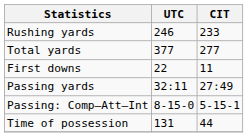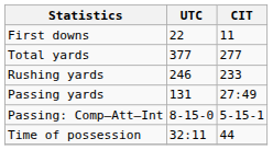 <table class="wikitable" style="float: left;">
 <tr>
 <th>Statistics</th>
 <th>UTC</th>
 <th>CIT</th>
 </tr>
 <tr>
-<td>Rushing yards</td>
-<td>246</td>
-<td>233</td>
+<td>First downs</td>
+<td>22</td>
+<td>11</td>
 </tr>
 <tr>
 <td>Total yards</td>
 <td>377</td>
 <td>277</td>
 </tr>
 <tr>
-<td>First downs</td>
-<td>22</td>
-<td>11</td>
+<td>Rushing yards</td>
+<td>246</td>
+<td>233</td>
 </tr>
 <tr>
 <td>Passing yards</td>
-<td>32:11</td>
+<td>131</td>
 <td>27:49</td>
 </tr>
 <tr>
 <td>Passing: Comp–Att–Int</td>
 <td>8-15-0</td>
 <td>5-15-1</td>
 </tr>
 <tr>
 <td>Time of possession</td>
-<td>131</td>
+<td>32:11</td>
 <td>44</td>
 </tr>
 <tr>
 </tr>
 </table>
